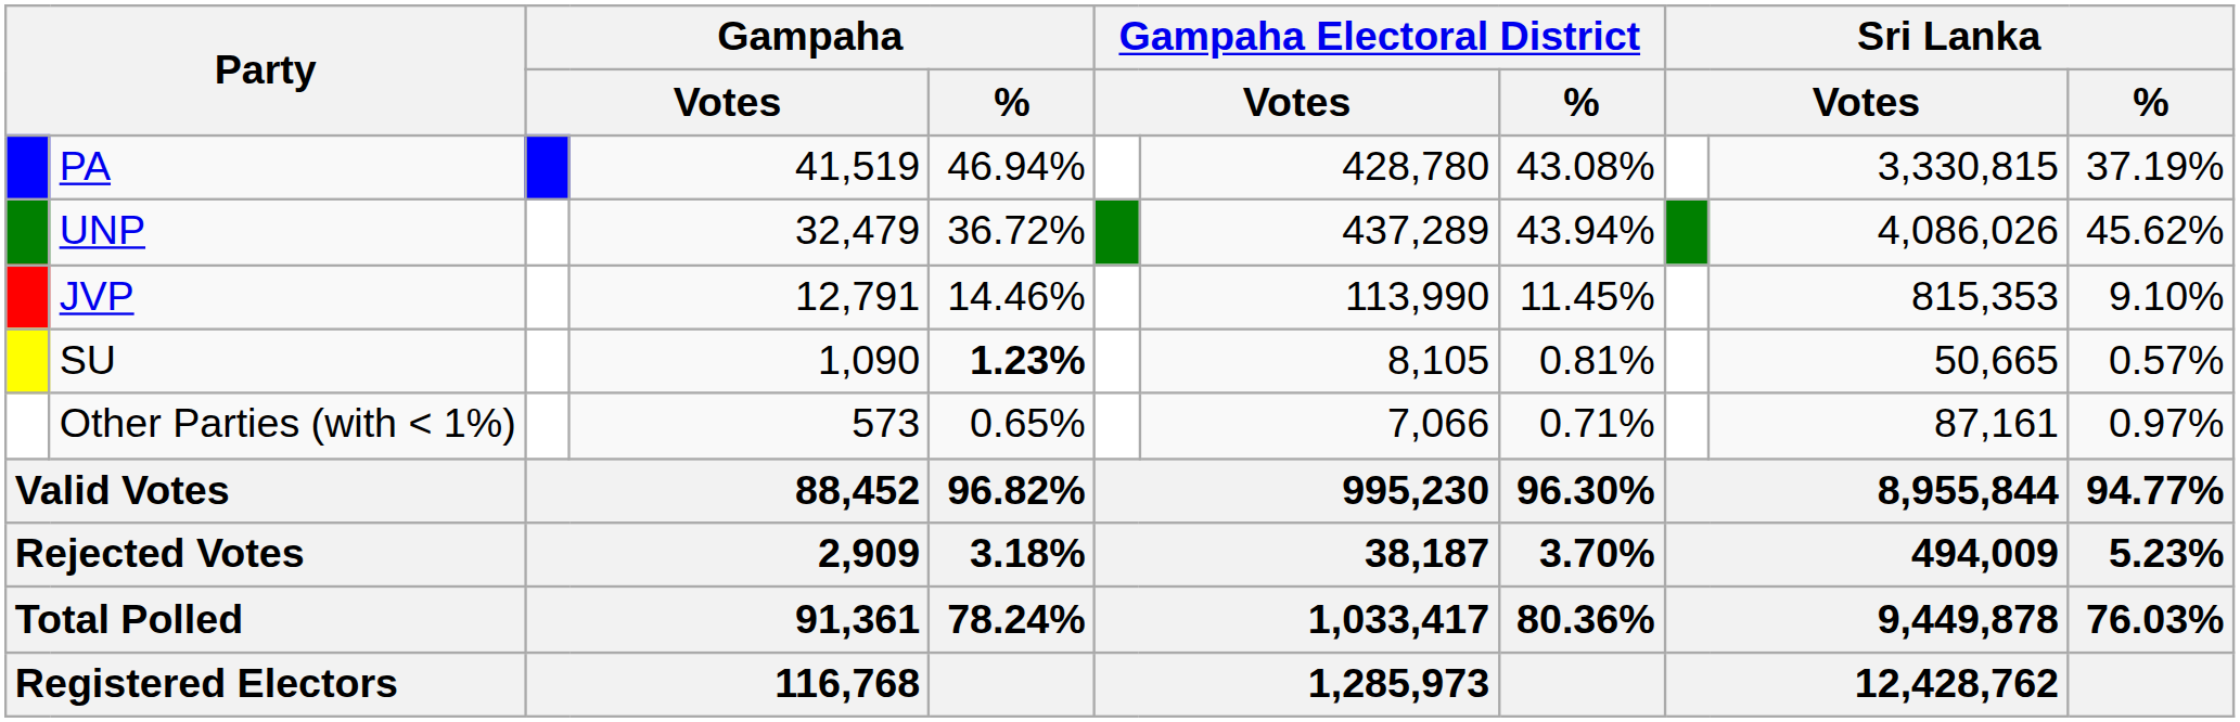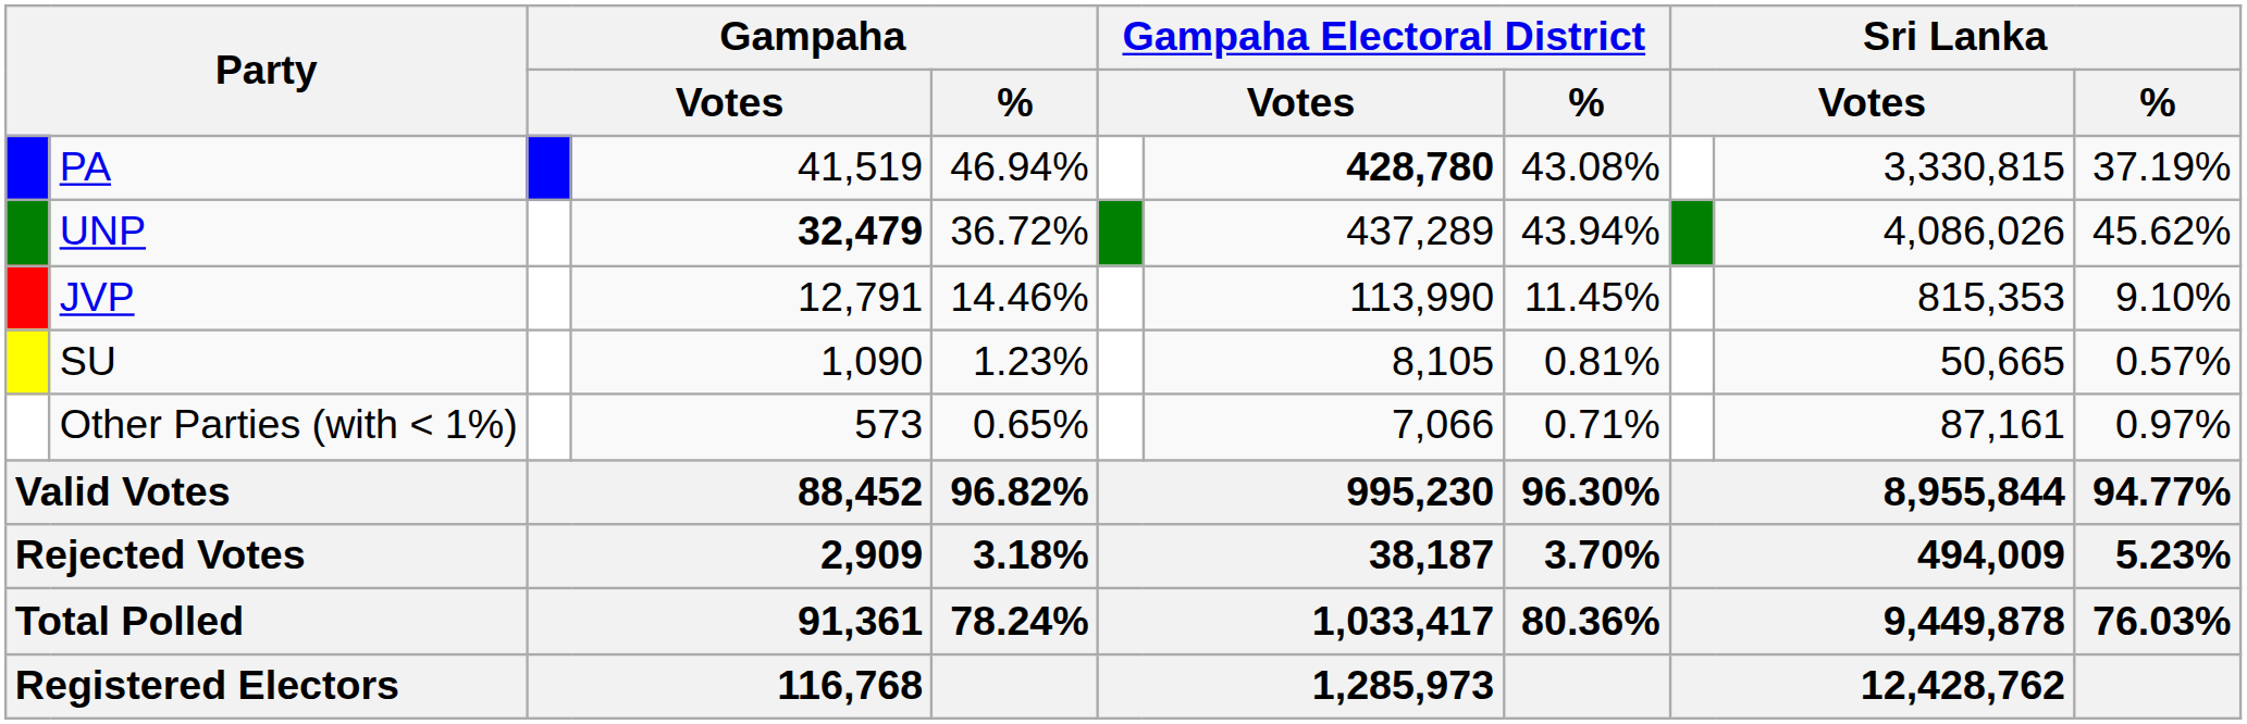 <table class="wikitable">
 <tr>
 <th colspan="2" width="144px"rowspan="2">Party</th>
 <th colspan="3" width="216px">Gampaha</th>
 <th colspan="3" width="216px"><a href='#'>Gampaha Electoral District</a></th>
 <th colspan="3" width="216px">Sri Lanka</th>
 </tr>
 <tr>
 <th colspan="2" width="144px">Votes</th>
 <th>%</th>
 <th colspan="2" width="144px">Votes</th>
 <th>%</th>
 <th colspan="2" width="144px">Votes</th>
 <th>%</th>
 </tr>
 <tr>
 <td style="background-color:blue;" width="10px"></td>
 <td style="text-align:left;"><a href='#'>PA</a></td>
 <td style="background-color:blue;" width="10px"></td>
 <td style="text-align:right;">41,519</td>
 <td style="text-align:right;">46.94%</td>
 <td style="background-color:white;" width="10px"></td>
-<td style="text-align:right;">428,780</td>
+<td style="text-align:right;"><strong>428,780</strong></td>
 <td style="text-align:right;">43.08%</td>
 <td style="background-color:white;" width="10px"></td>
 <td style="text-align:right;">3,330,815</td>
 <td style="text-align:right;">37.19%</td>
 </tr>
 <tr>
 <td style="background-color:green;" width="10px"></td>
 <td style="text-align:left;"><a href='#'>UNP</a></td>
 <td style="background-color:white;" width="10px"></td>
-<td style="text-align:right;">32,479</td>
+<td style="text-align:right;"><strong>32,479</strong></td>
 <td style="text-align:right;">36.72%</td>
 <td style="background-color:green;" width="10px"></td>
 <td style="text-align:right;">437,289</td>
 <td style="text-align:right;">43.94%</td>
 <td style="background-color:green;" width="10px"></td>
 <td style="text-align:right;">4,086,026</td>
 <td style="text-align:right;">45.62%</td>
 </tr>
 <tr>
 <td style="background-color:red;" width="10px"></td>
 <td style="text-align:left;"><a href='#'>JVP</a></td>
 <td style="background-color:white;" width="10px"></td>
 <td style="text-align:right;">12,791</td>
 <td style="text-align:right;">14.46%</td>
 <td style="background-color:white;" width="10px"></td>
 <td style="text-align:right;">113,990</td>
 <td style="text-align:right;">11.45%</td>
 <td style="background-color:white;" width="10px"></td>
 <td style="text-align:right;">815,353</td>
 <td style="text-align:right;">9.10%</td>
 </tr>
 <tr>
 <td style="background-color:yellow;" width="10px"></td>
 <td style="text-align:left;">SU</td>
 <td style="background-color:white;" width="10px"></td>
 <td style="text-align:right;">1,090</td>
-<td style="text-align:right;"><strong>1.23%</strong></td>
+<td style="text-align:right;">1.23%</td>
 <td style="background-color:white;" width="10px"></td>
 <td style="text-align:right;">8,105</td>
 <td style="text-align:right;">0.81%</td>
 <td style="background-color:white;" width="10px"></td>
 <td style="text-align:right;">50,665</td>
 <td style="text-align:right;">0.57%</td>
 </tr>
 <tr>
 <td style="background-color:white;" width="10px"></td>
 <td style="text-align:left;">Other Parties (with < 1%)</td>
 <td style="background-color:white;" width="10px"></td>
 <td style="text-align:right;">573</td>
 <td style="text-align:right;">0.65%</td>
 <td style="background-color:white;" width="10px"></td>
 <td style="text-align:right;">7,066</td>
 <td style="text-align:right;">0.71%</td>
 <td style="background-color:white;" width="10px"></td>
 <td style="text-align:right;">87,161</td>
 <td style="text-align:right;">0.97%</td>
 </tr>
 <tr>
 <th colspan="2" width="144px"style="text-align:left;">Valid Votes</th>
 <th style="text-align:right;"colspan="2" width="144px">88,452</th>
 <th style="text-align:right;">96.82%</th>
 <th style="text-align:right;"colspan="2" width="144px">995,230</th>
 <th style="text-align:right;">96.30%</th>
 <th style="text-align:right;"colspan="2" width="144px">8,955,844</th>
 <th style="text-align:right;">94.77%</th>
 </tr>
 <tr>
 <th colspan="2" width="144px"style="text-align:left;">Rejected Votes</th>
 <th style="text-align:right;"colspan="2" width="144px">2,909</th>
 <th style="text-align:right;">3.18%</th>
 <th style="text-align:right;"colspan="2" width="144px">38,187</th>
 <th style="text-align:right;">3.70%</th>
 <th style="text-align:right;"colspan="2" width="144px">494,009</th>
 <th style="text-align:right;">5.23%</th>
 </tr>
 <tr>
 <th colspan="2" width="144px"style="text-align:left;">Total Polled</th>
 <th style="text-align:right;"colspan="2" width="144px">91,361</th>
 <th style="text-align:right;">78.24%</th>
 <th style="text-align:right;"colspan="2" width="144px">1,033,417</th>
 <th style="text-align:right;">80.36%</th>
 <th style="text-align:right;"colspan="2" width="144px">9,449,878</th>
 <th style="text-align:right;">76.03%</th>
 </tr>
 <tr>
 <th colspan="2" width="144px"style="text-align:left;">Registered Electors</th>
 <th style="text-align:right;"colspan="2" width="144px">116,768</th>
 <th></th>
 <th style="text-align:right;"colspan="2" width="144px">1,285,973</th>
 <th></th>
 <th style="text-align:right;"colspan="2" width="144px">12,428,762</th>
 <th></th>
 </tr>
 </table>
